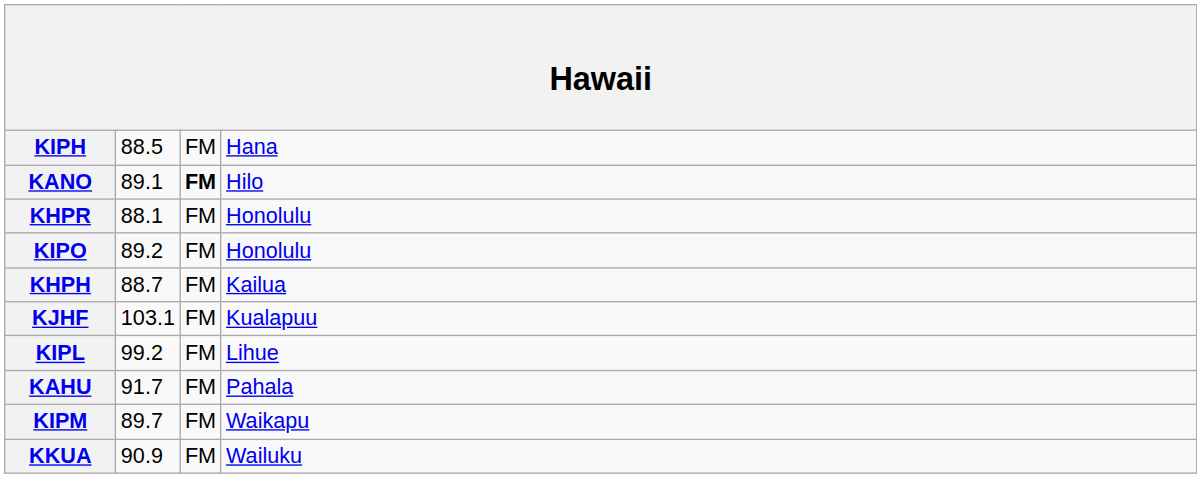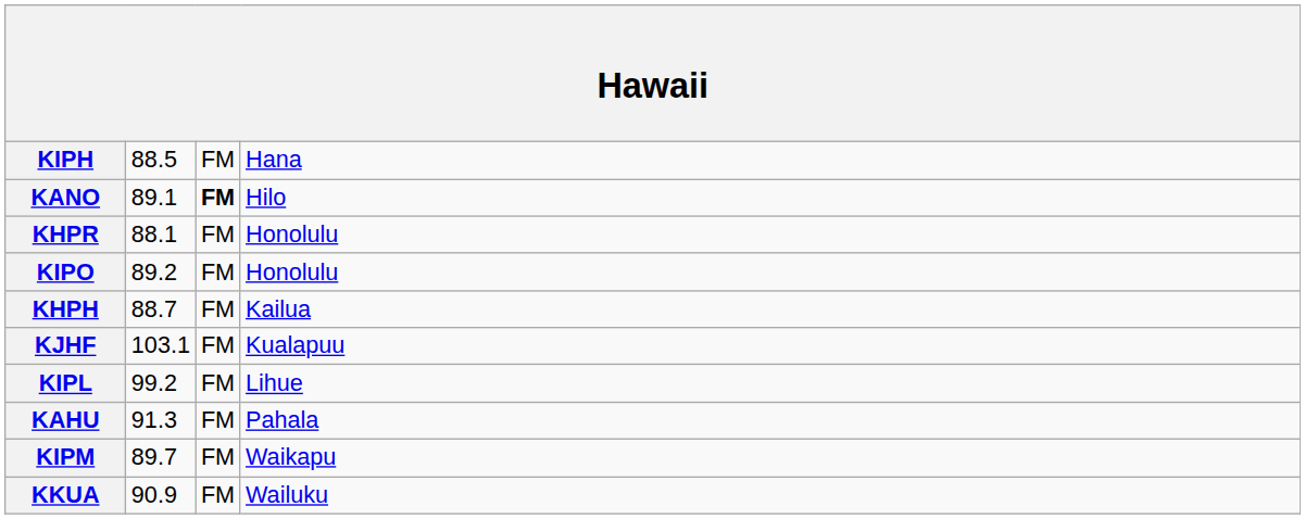 <table class="wikitable mw-collapsible" style="width:100%">
 <tr>
 <th scope="col" colspan="4"><br><h2>Hawaii</h2></th>
 </tr>
 <tr>
 <th scope="row" style="width: 75px;"><a href='#'>KIPH</a></th>
 <td style="width: 40px;">88.5</td>
 <td style="width: 21px;">FM</td>
 <td><a href='#'>Hana</a></td>
 </tr>
 <tr>
 <th scope="row"><a href='#'>KANO</a></th>
 <td>89.1</td>
 <td><strong>FM</strong></td>
 <td><a href='#'>Hilo</a></td>
 </tr>
 <tr>
 <th scope="row"><a href='#'>KHPR</a></th>
 <td>88.1</td>
 <td>FM</td>
 <td><a href='#'>Honolulu</a></td>
 </tr>
 <tr>
 <th scope="row"><a href='#'>KIPO</a></th>
 <td>89.2</td>
 <td>FM</td>
 <td><a href='#'>Honolulu</a></td>
 </tr>
 <tr>
 <th scope="row"><a href='#'>KHPH</a></th>
 <td>88.7</td>
 <td>FM</td>
 <td><a href='#'>Kailua</a></td>
 </tr>
 <tr>
 <th scope="row"><a href='#'>KJHF</a></th>
 <td>103.1</td>
 <td>FM</td>
 <td><a href='#'>Kualapuu</a></td>
 </tr>
 <tr>
 <th scope="row"><a href='#'>KIPL</a></th>
 <td>99.2</td>
 <td>FM</td>
 <td><a href='#'>Lihue</a></td>
 </tr>
 <tr>
 <th scope="row"><a href='#'>KAHU</a></th>
-<td>91.7</td>
+<td>91.3</td>
 <td>FM</td>
 <td><a href='#'>Pahala</a></td>
 </tr>
 <tr>
 <th scope="row"><a href='#'>KIPM</a></th>
 <td>89.7</td>
 <td>FM</td>
 <td><a href='#'>Waikapu</a></td>
 </tr>
 <tr>
 <th scope="row"><a href='#'>KKUA</a></th>
 <td>90.9</td>
 <td>FM</td>
 <td><a href='#'>Wailuku</a></td>
 </tr>
 </table>
